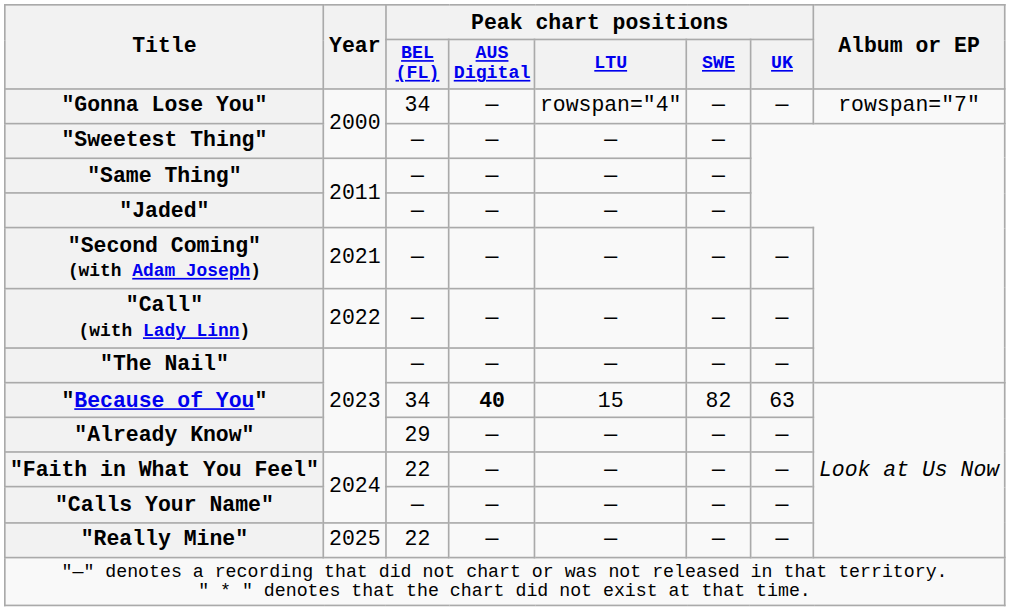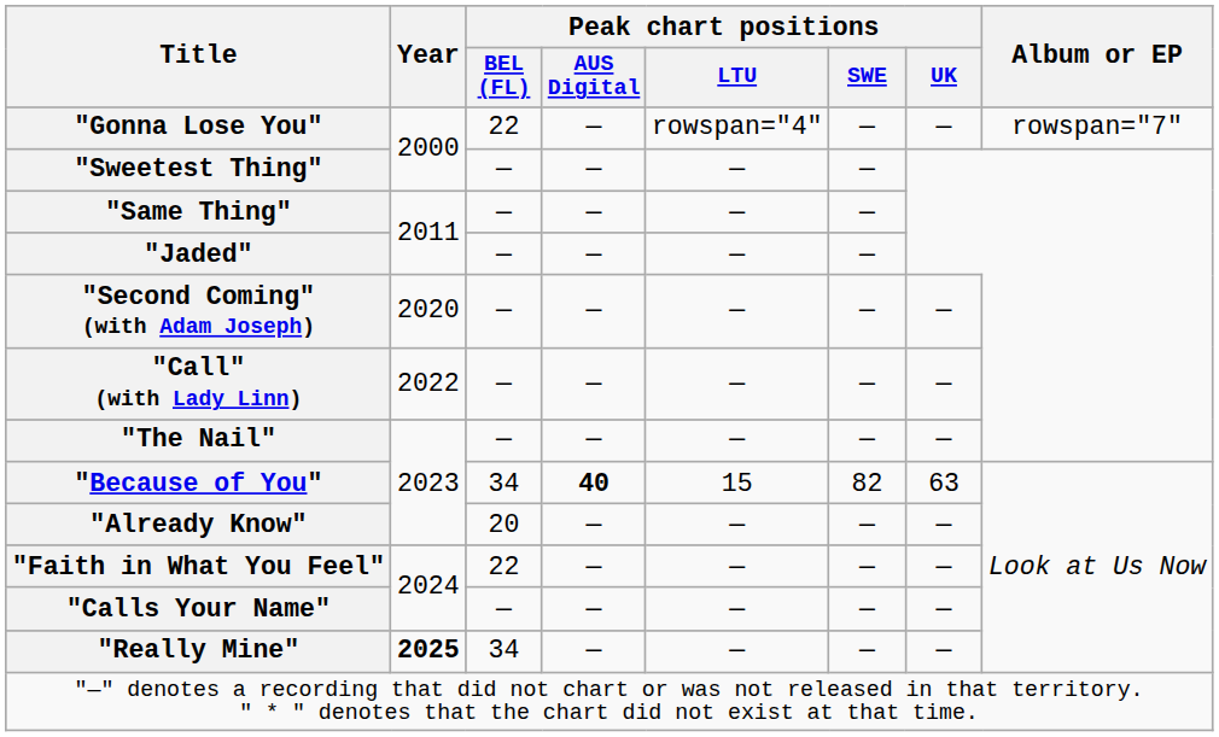 <table class="wikitable plainrowheaders" style="text-align:center">
 <tr>
 <th scope="col" rowspan="2">Title</th>
 <th scope="col" rowspan="2">Year</th>
 <th scope="col" colspan="5">Peak chart positions</th>
 <th scope="col" rowspan="2">Album or EP</th>
 </tr>
 <tr>
 <th scope="col" style="width:3em;font-size:85%;"><a href='#'>BEL<br>(FL)</a><br></th>
 <th scope="col" style="width:3em;font-size:85%;"><a href='#'>AUS<br>Digital</a><br></th>
 <th scope="col" style="width:3em;font-size:85%;"><a href='#'>LTU</a><br></th>
 <th scope="col" style="width:3em;font-size:85%;"><a href='#'>SWE</a><br></th>
 <th scope="col" style="width:3em;font-size:85%;"><a href='#'>UK</a><br></th>
 </tr>
 <tr>
 <th scope="row">"Gonna Lose You"</th>
 <td rowspan="2">2000</td>
-<td>34</td>
+<td>22</td>
 <td>—</td>
 <td>rowspan="4" </td>
 <td>—</td>
 <td>—</td>
 <td>rowspan="7" </td>
 </tr>
 <tr>
 <th scope="row">"Sweetest Thing"</th>
 <td>—</td>
 <td>—</td>
 <td>—</td>
 <td>—</td>
 </tr>
 <tr>
 <th scope="row">"Same Thing"</th>
 <td rowspan="2">2011</td>
 <td>—</td>
 <td>—</td>
 <td>—</td>
 <td>—</td>
 </tr>
 <tr>
 <th scope="row">"Jaded"</th>
 <td>—</td>
 <td>—</td>
 <td>—</td>
 <td>—</td>
 </tr>
 <tr>
 <th scope="row">"Second Coming"<br><small>(with <a href='#'>Adam Joseph</a>)</small></th>
-<td>2021</td>
+<td>2020</td>
 <td>—</td>
 <td>—</td>
 <td>—</td>
 <td>—</td>
 <td>—</td>
 </tr>
 <tr>
 <th scope="row">"Call"<br><small>(with <a href='#'>Lady Linn</a>)</small></th>
 <td>2022</td>
 <td>—</td>
 <td>—</td>
 <td>—</td>
 <td>—</td>
 <td>—</td>
 </tr>
 <tr>
 <th scope="row">"The Nail"</th>
 <td rowspan="3">2023</td>
 <td>—</td>
 <td>—</td>
 <td>—</td>
 <td>—</td>
 <td>—</td>
 </tr>
 <tr>
 <th scope="row">"<a href='#'>Because of You</a>"</th>
 <td>34</td>
 <td><strong>40</strong></td>
 <td>15</td>
 <td>82</td>
 <td>63</td>
 <td rowspan="5"><em>Look at Us Now</em></td>
 </tr>
 <tr>
 <th scope="row">"Already Know"</th>
-<td>29</td>
+<td>20</td>
 <td>—</td>
 <td>—</td>
 <td>—</td>
 <td>—</td>
 </tr>
 <tr>
 <th scope="row">"Faith in What You Feel"</th>
 <td rowspan="2">2024</td>
 <td>22</td>
 <td>—</td>
 <td>—</td>
 <td>—</td>
 <td>—</td>
 </tr>
 <tr>
 <th scope="row">"Calls Your Name"</th>
 <td>—</td>
 <td>—</td>
 <td>—</td>
 <td>—</td>
 <td>—</td>
 </tr>
 <tr>
 <th scope="row">"Really Mine"</th>
-<td>2025</td>
-<td>22</td>
+<td><strong>2025</strong></td>
+<td>34</td>
 <td>—</td>
 <td>—</td>
 <td>—</td>
 <td>—</td>
 </tr>
 <tr>
 <td colspan="15" style="font-size:85%">"—" denotes a recording that did not chart or was not released in that territory.<br>" * " denotes that the chart did not exist at that time.</td>
 </tr>
 </table>
